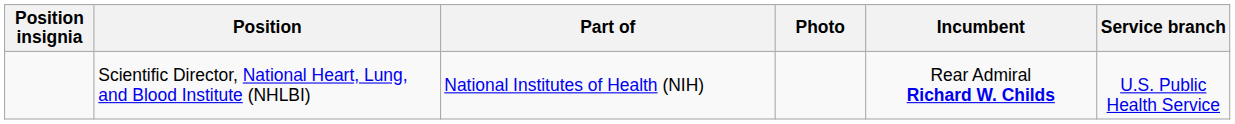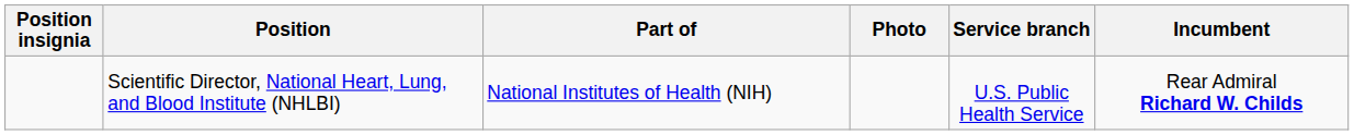 <table class="wikitable">
 <tr>
 <th width="75" style="text-align:center">Position insignia</th>
 <th width="310" style="text-align:center">Position</th>
 <th width="300" style="text-align:center">Part of</th>
 <th width="75" style="text-align:center">Photo</th>
+<th width="115" style="text-align:center">Service branch</th>
 <th width="205" style="text-align:center">Incumbent</th>
-<th width="115" style="text-align:center">Service branch</th>
 </tr>
 <tr>
 <td></td>
 <td>Scientific Director, <a href='#'>National Heart, Lung, and Blood Institute</a> (NHLBI)</td>
 <td> <a href='#'>National Institutes of Health</a> (NIH)</td>
 <td></td>
+<td style="text-align:center"><br><a href='#'>U.S. Public<br>Health Service</a></td>
 <td style="text-align:center">Rear Admiral<br><strong><a href='#'>Richard W. Childs</a></strong></td>
-<td style="text-align:center"><br><a href='#'>U.S. Public<br>Health Service</a></td>
 </tr>
 </table>
